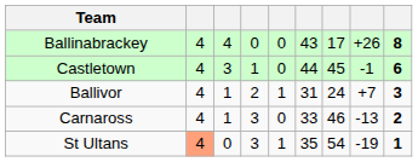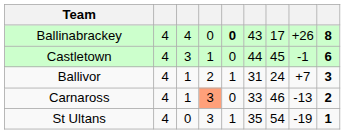 <table class="wikitable" style="text-align:center">
 <tr>
 <th style="width:175px;">Team</th>
 <th width="20"></th>
 <th width="20"></th>
 <th width="20"></th>
 <th width="20"></th>
 <th width="20"></th>
 <th width="20"></th>
 <th width="20"></th>
 <th width="20"></th>
 </tr>
 <tr style="background:#cfc;">
 <td>Ballinabrackey</td>
 <td>4</td>
 <td>4</td>
 <td>0</td>
-<td>0</td>
+<td><strong>0</strong></td>
 <td>43</td>
 <td>17</td>
 <td>+26</td>
 <td><strong>8</strong></td>
 </tr>
 <tr style="background:#cfc;">
 <td>Castletown</td>
 <td>4</td>
 <td>3</td>
 <td>1</td>
 <td>0</td>
 <td>44</td>
 <td>45</td>
 <td>-1</td>
 <td><strong>6</strong></td>
 </tr>
 <tr>
 <td>Ballivor</td>
 <td>4</td>
 <td>1</td>
 <td>2</td>
 <td>1</td>
 <td>31</td>
 <td>24</td>
 <td>+7</td>
 <td><strong>3</strong></td>
 </tr>
 <tr>
 <td>Carnaross</td>
 <td>4</td>
 <td>1</td>
-<td>3</td>
+<td style="background: lightsalmon;">3</td>
 <td>0</td>
 <td>33</td>
 <td>46</td>
 <td>-13</td>
 <td><strong>2</strong></td>
 </tr>
 <tr>
 <td>St Ultans</td>
-<td style="background: lightsalmon;">4</td>
+<td>4</td>
 <td>0</td>
 <td>3</td>
 <td>1</td>
 <td>35</td>
 <td>54</td>
 <td>-19</td>
 <td><strong>1</strong></td>
 </tr>
 </table>
